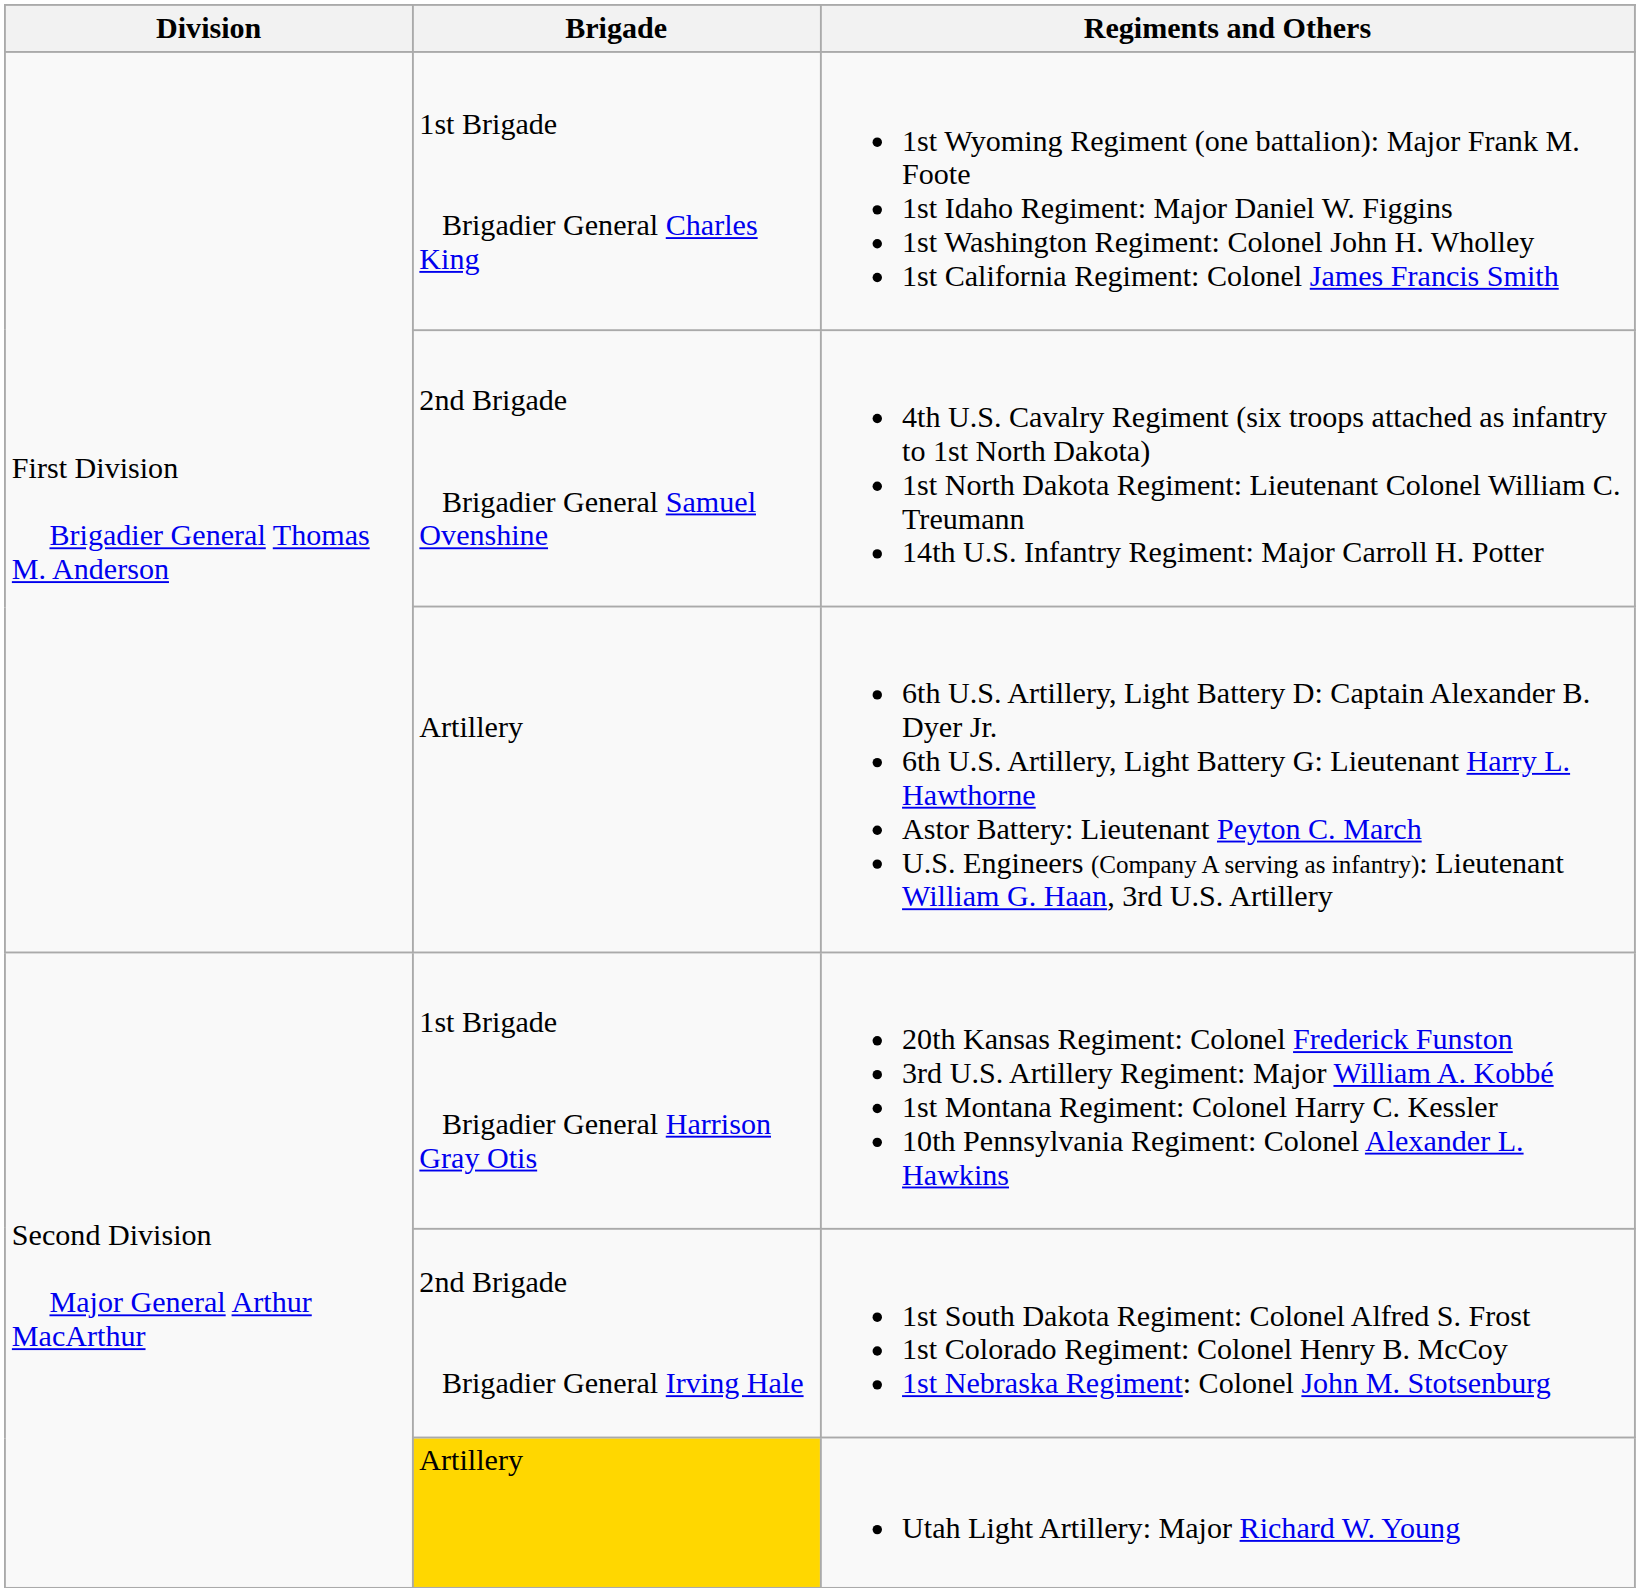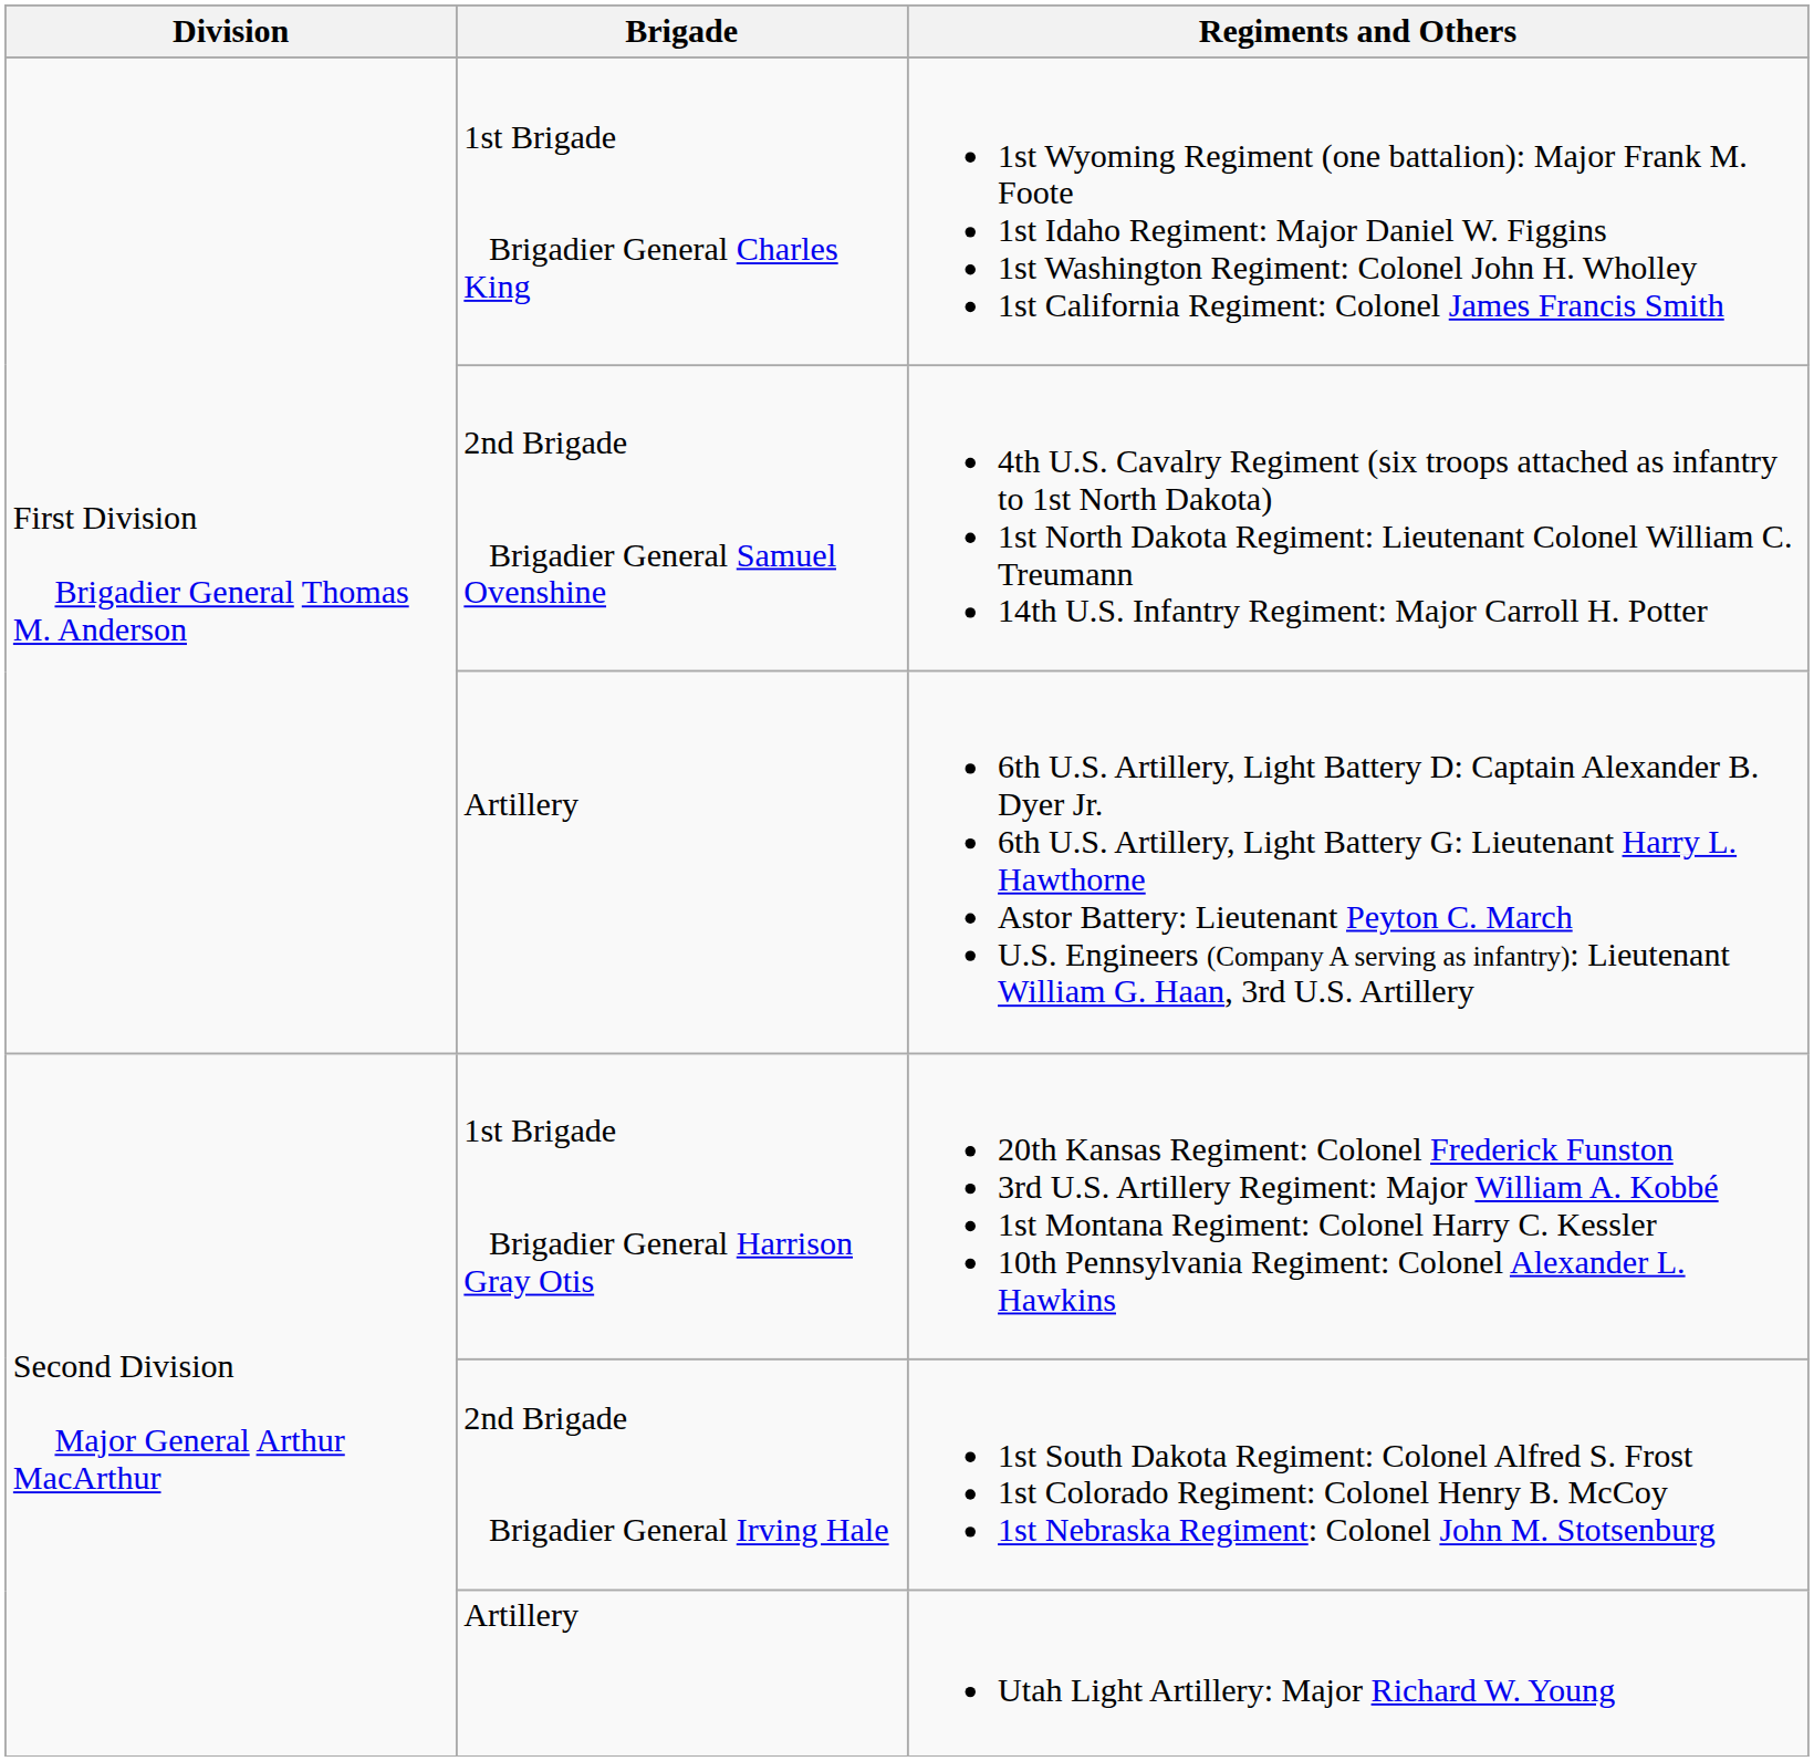 <table class="wikitable">
 <tr>
 <th width=25%>Division</th>
 <th width=25%>Brigade</th>
 <th>Regiments and Others</th>
 </tr>
 <tr>
 <td rowspan=3><br>First Division<br><br>     <a href='#'>Brigadier General</a> <a href='#'>Thomas M. Anderson</a></td>
 <td>1st Brigade<br><br><br>   Brigadier General <a href='#'>Charles King</a></td>
 <td><br><ul><li>1st Wyoming Regiment (one battalion): Major Frank M. Foote</li><li>1st Idaho Regiment: Major Daniel W. Figgins</li><li>1st Washington Regiment: Colonel John H. Wholley</li><li>1st California Regiment: Colonel <a href='#'>James Francis Smith</a></li></ul></td>
 </tr>
 <tr>
 <td>2nd Brigade<br><br><br>   Brigadier General <a href='#'>Samuel Ovenshine</a></td>
 <td><br><ul><li>4th U.S. Cavalry Regiment (six troops attached as infantry to 1st North Dakota)</li><li>1st North Dakota Regiment: Lieutenant Colonel William C. Treumann</li><li>14th U.S. Infantry Regiment: Major Carroll H. Potter</li></ul></td>
 </tr>
 <tr>
 <td>Artillery<br><br><br>  </td>
 <td><br><ul><li>6th U.S. Artillery, Light Battery D: Captain Alexander B. Dyer Jr.</li><li>6th U.S. Artillery, Light Battery G: Lieutenant <a href='#'>Harry L. Hawthorne</a></li><li>Astor Battery: Lieutenant <a href='#'>Peyton C. March</a></li><li>U.S. Engineers <small>(Company A serving as infantry)</small>: Lieutenant <a href='#'>William G. Haan</a>, 3rd U.S. Artillery</li></ul></td>
 </tr>
 <tr>
 <td rowspan=3><br>Second Division<br><br>     <a href='#'>Major General</a> <a href='#'>Arthur MacArthur</a></td>
 <td>1st Brigade<br><br><br>   Brigadier General <a href='#'>Harrison Gray Otis</a></td>
 <td><br><ul><li>20th Kansas Regiment: Colonel <a href='#'>Frederick Funston</a></li><li>3rd U.S. Artillery Regiment: Major <a href='#'>William A. Kobbé</a></li><li>1st Montana Regiment: Colonel Harry C. Kessler</li><li>10th Pennsylvania Regiment: Colonel <a href='#'>Alexander L. Hawkins</a></li></ul></td>
 </tr>
 <tr>
 <td>2nd Brigade<br><br><br>   Brigadier General <a href='#'>Irving Hale</a></td>
 <td><br><ul><li>1st South Dakota Regiment: Colonel Alfred S. Frost</li><li>1st Colorado Regiment: Colonel Henry B. McCoy</li><li><a href='#'>1st Nebraska Regiment</a>: Colonel <a href='#'>John M. Stotsenburg</a></li></ul></td>
 </tr>
 <tr>
-<td style="background: gold;">Artillery<br><br><br>  </td>
+<td>Artillery<br><br><br>  </td>
 <td><br><ul><li>Utah Light Artillery: Major <a href='#'>Richard W. Young</a></li></ul></td>
 </tr>
 </table>
